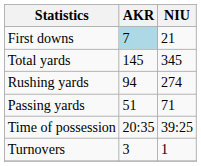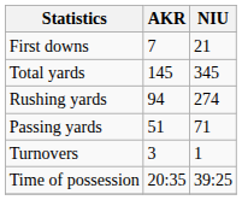 <table class="wikitable">
 <tr>
 <th>Statistics</th>
 <th>AKR</th>
 <th>NIU</th>
 </tr>
 <tr>
 <td>First downs</td>
-<td style="background: lightblue;">7</td>
+<td>7</td>
 <td>21</td>
 </tr>
 <tr>
 <td>Total yards</td>
 <td>145</td>
 <td>345</td>
 </tr>
 <tr>
 <td>Rushing yards</td>
 <td>94</td>
 <td>274</td>
 </tr>
 <tr>
 <td>Passing yards</td>
 <td>51</td>
 <td>71</td>
 </tr>
 <tr>
+<td>Turnovers</td>
+<td>3</td>
+<td>1</td>
+</tr>
+<tr>
 <td>Time of possession</td>
 <td>20:35</td>
 <td>39:25</td>
 </tr>
 <tr>
-<td>Turnovers</td>
-<td>3</td>
-<td>1</td>
-</tr>
-<tr>
 </tr>
 </table>
